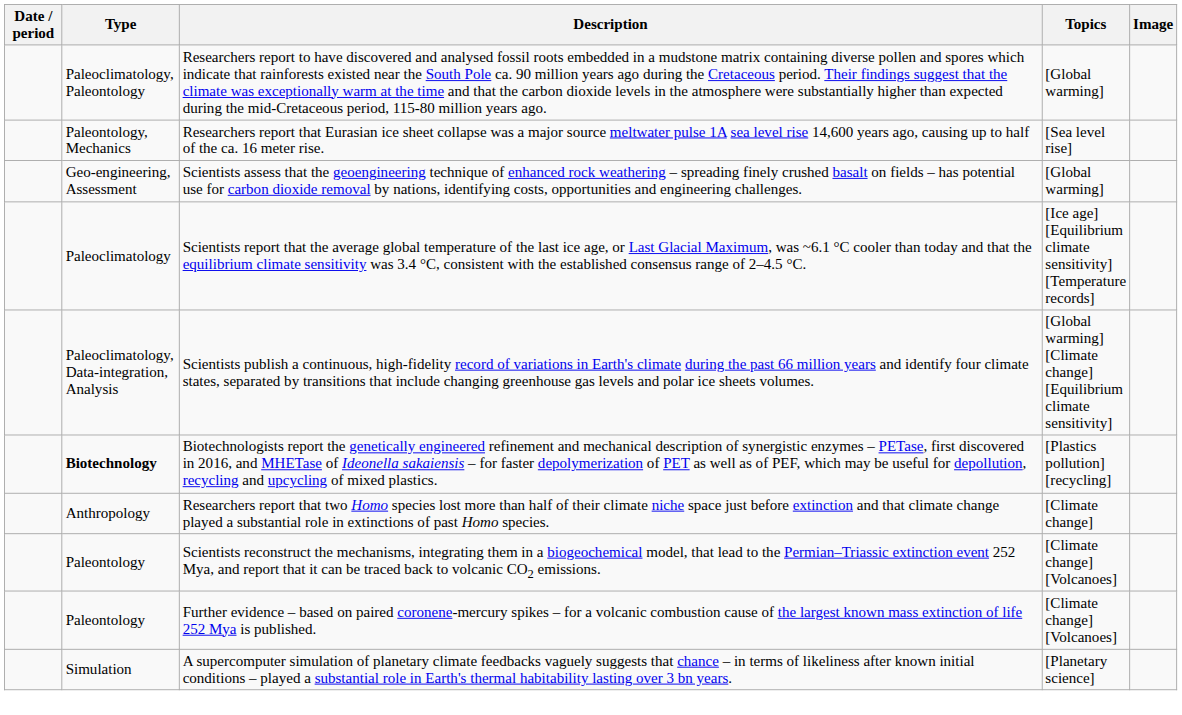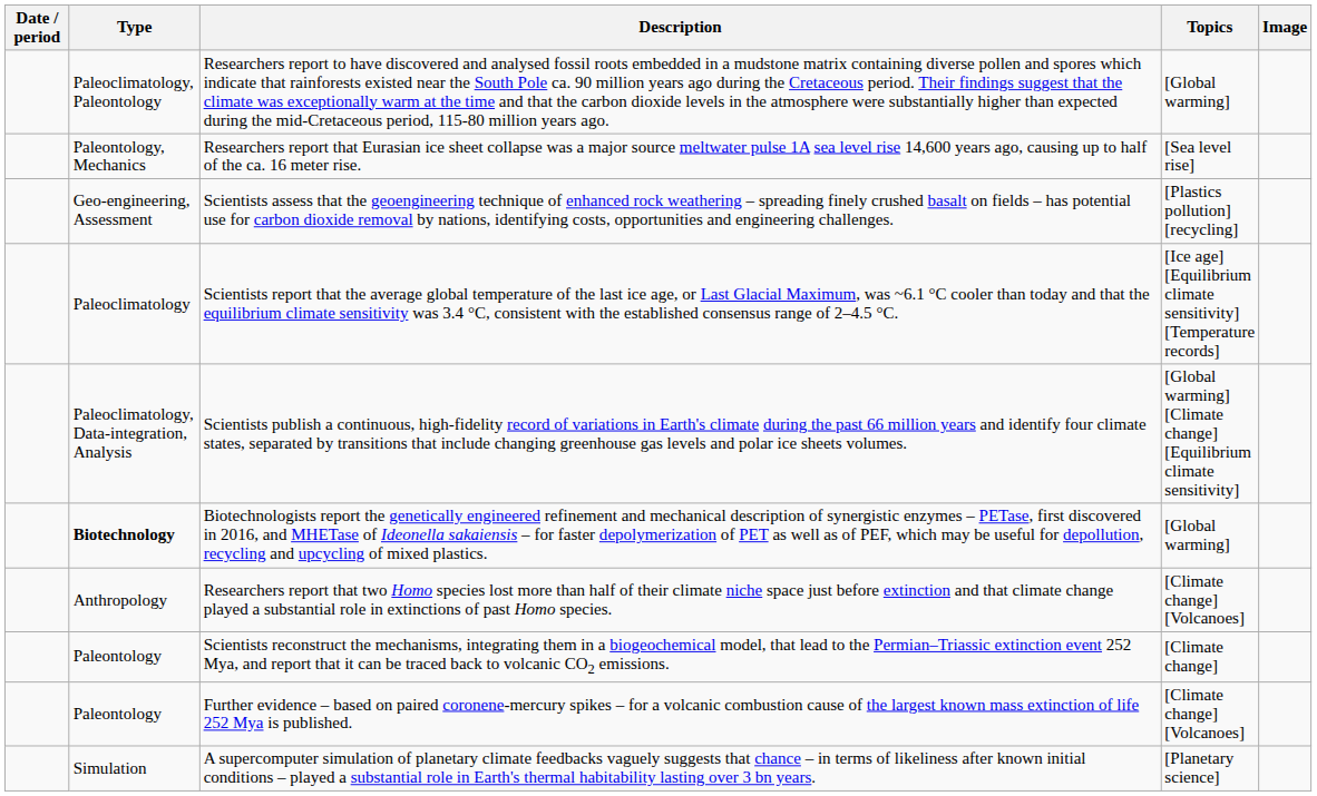 <table class="sortable wikitable">
 <tr>
 <th scope="col" width="20" style="width:5%;">Date / period</th>
 <th scope="col" width="30" style="width:10%;">Type</th>
 <th scope="col" width="30" style="width:80%;" class="unsortable">Description</th>
 <th scope="col" width="3" style="width:2%;">Topics</th>
 <th scope="col" width="3" style="width:3%;">Image</th>
 </tr>
 <tr>
 <td></td>
 <td>Paleoclimatology, Paleontology</td>
 <td>Researchers report to have discovered and analysed fossil roots embedded in a mudstone matrix containing diverse pollen and spores which indicate that rainforests existed near the <a href='#'>South Pole</a> ca. 90 million years ago during the <a href='#'>Cretaceous</a> period. <a href='#'>Their findings suggest that the climate was exceptionally warm at the time</a> and that the carbon dioxide levels in the atmosphere were substantially higher than expected during the mid-Cretaceous period, 115-80 million years ago.</td>
 <td>[Global warming]</td>
 <td></td>
 </tr>
 <tr>
 <td></td>
 <td>Paleontology, Mechanics</td>
 <td>Researchers report that Eurasian ice sheet collapse was a major source <a href='#'>meltwater pulse 1A</a> <a href='#'>sea level rise</a> 14,600 years ago, causing up to half of the ca. 16 meter rise.</td>
 <td>[Sea level rise]</td>
 <td></td>
 </tr>
 <tr>
 <td></td>
 <td>Geo-engineering, Assessment</td>
 <td>Scientists assess that the <a href='#'>geoengineering</a> technique of <a href='#'>enhanced rock weathering</a> – spreading finely crushed <a href='#'>basalt</a> on fields – has potential use for <a href='#'>carbon dioxide removal</a> by nations, identifying costs, opportunities and engineering challenges.</td>
-<td>[Global warming]</td>
+<td>[Plastics pollution] [recycling]</td>
 </tr>
 <tr>
 <td></td>
 <td>Paleoclimatology</td>
 <td>Scientists report that the average global temperature of the last ice age, or <a href='#'>Last Glacial Maximum</a>, was ~6.1 °C cooler than today and that the <a href='#'>equilibrium climate sensitivity</a> was 3.4 °C, consistent with the established consensus range of 2–4.5 °C.</td>
 <td>[Ice age] [Equilibrium climate sensitivity] [Temperature records]</td>
 <td></td>
 </tr>
 <tr>
 <td></td>
 <td>Paleoclimatology, Data-integration, Analysis</td>
 <td>Scientists publish a continuous, high-fidelity <a href='#'>record of variations in Earth's climate</a> <a href='#'>during the past 66 million years</a> and identify four climate states, separated by transitions that include changing greenhouse gas levels and polar ice sheets volumes.</td>
 <td>[Global warming] [Climate change] [Equilibrium climate sensitivity]</td>
 <td></td>
 </tr>
 <tr>
 <td></td>
 <td><strong>Biotechnology</strong></td>
 <td>Biotechnologists report the <a href='#'>genetically engineered</a> refinement and mechanical description of synergistic enzymes – <a href='#'>PETase</a>, first discovered in 2016, and <a href='#'>MHETase</a> of <em><a href='#'>Ideonella sakaiensis</a></em> – for faster <a href='#'>depolymerization</a> of <a href='#'>PET</a> as well as of PEF, which may be useful for <a href='#'>depollution</a>, <a href='#'>recycling</a> and <a href='#'>upcycling</a> of mixed plastics.</td>
-<td>[Plastics pollution] [recycling]</td>
+<td>[Global warming]</td>
 <td></td>
 </tr>
 <tr>
 <td></td>
 <td>Anthropology</td>
 <td>Researchers report that two <em><a href='#'>Homo</a></em> species lost more than half of their climate <a href='#'>niche</a> space just before <a href='#'>extinction</a> and that climate change played a substantial role in extinctions of past <em>Homo</em> species.</td>
-<td>[Climate change]</td>
+<td>[Climate change] [Volcanoes]</td>
 <td></td>
 </tr>
 <tr>
 <td></td>
 <td>Paleontology</td>
 <td>Scientists reconstruct the mechanisms, integrating them in a <a href='#'>biogeochemical</a> model, that lead to the <a href='#'>Permian–Triassic extinction event</a> 252 Mya, and report that it can be traced back to volcanic CO<sub>2</sub> emissions.</td>
-<td>[Climate change] [Volcanoes]</td>
+<td>[Climate change]</td>
 <td></td>
 </tr>
 <tr>
 <td></td>
 <td>Paleontology</td>
 <td>Further evidence – based on paired <a href='#'>coronene</a>-mercury spikes – for a volcanic combustion cause of <a href='#'>the largest known mass extinction of life 252 Mya</a> is published.</td>
 <td>[Climate change] [Volcanoes]</td>
 <td></td>
 </tr>
 <tr>
 <td></td>
 <td>Simulation</td>
 <td>A supercomputer simulation of planetary climate feedbacks vaguely suggests that <a href='#'>chance</a> – in terms of likeliness after known initial conditions – played a <a href='#'>substantial role in Earth's thermal habitability lasting over 3 bn years</a>.</td>
 <td>[Planetary science]</td>
 <td></td>
 </tr>
 </table>
